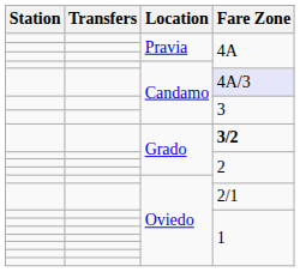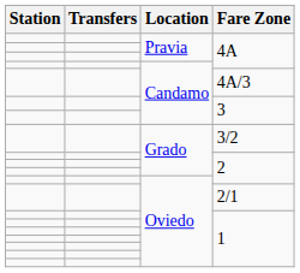 <table class="wikitable" style="font-size:90%">
 <tr>
 <th>Station</th>
 <th>Transfers</th>
 <th>Location</th>
 <th>Fare Zone</th>
 </tr>
 <tr>
 <td></td>
 <td></td>
 <td rowspan="3"><a href='#'>Pravia</a></td>
 <td rowspan="4">4A</td>
 </tr>
 <tr>
 <td></td>
 <td align="center"></td>
 </tr>
 <tr>
 <td></td>
 <td align="center"></td>
 </tr>
 <tr>
 <td></td>
 <td align="center"></td>
 <td rowspan="4"><a href='#'>Candamo</a></td>
 </tr>
 <tr>
 <td></td>
 <td></td>
-<td style="background: lavender;">4A/3</td>
+<td>4A/3</td>
 </tr>
 <tr>
 <td></td>
 <td></td>
 <td rowspan="2">3</td>
 </tr>
 <tr>
 <td></td>
 <td></td>
 </tr>
 <tr>
 <td></td>
 <td align="center"></td>
 <td rowspan="4"><a href='#'>Grado</a></td>
-<td><strong>3/2</strong></td>
+<td>3/2</td>
 </tr>
 <tr>
 <td></td>
 <td align="center"></td>
 <td rowspan="4">2</td>
 </tr>
 <tr>
 <td></td>
 <td align="center"></td>
 </tr>
 <tr>
 <td></td>
 <td></td>
 </tr>
 <tr>
 <td></td>
 <td></td>
 <td rowspan="9"><a href='#'>Oviedo</a></td>
 </tr>
 <tr>
 <td></td>
 <td></td>
 <td>2/1</td>
 </tr>
 <tr>
 <td></td>
 <td></td>
 <td rowspan="7">1</td>
 </tr>
 <tr>
 <td></td>
 <td></td>
 </tr>
 <tr>
 <td></td>
 <td></td>
 </tr>
 <tr>
 <td></td>
 <td></td>
 </tr>
 <tr>
 <td></td>
 <td></td>
 </tr>
 <tr>
 <td></td>
 <td></td>
 </tr>
 <tr>
 <td></td>
 <td align="center"></td>
 </tr>
 </table>
